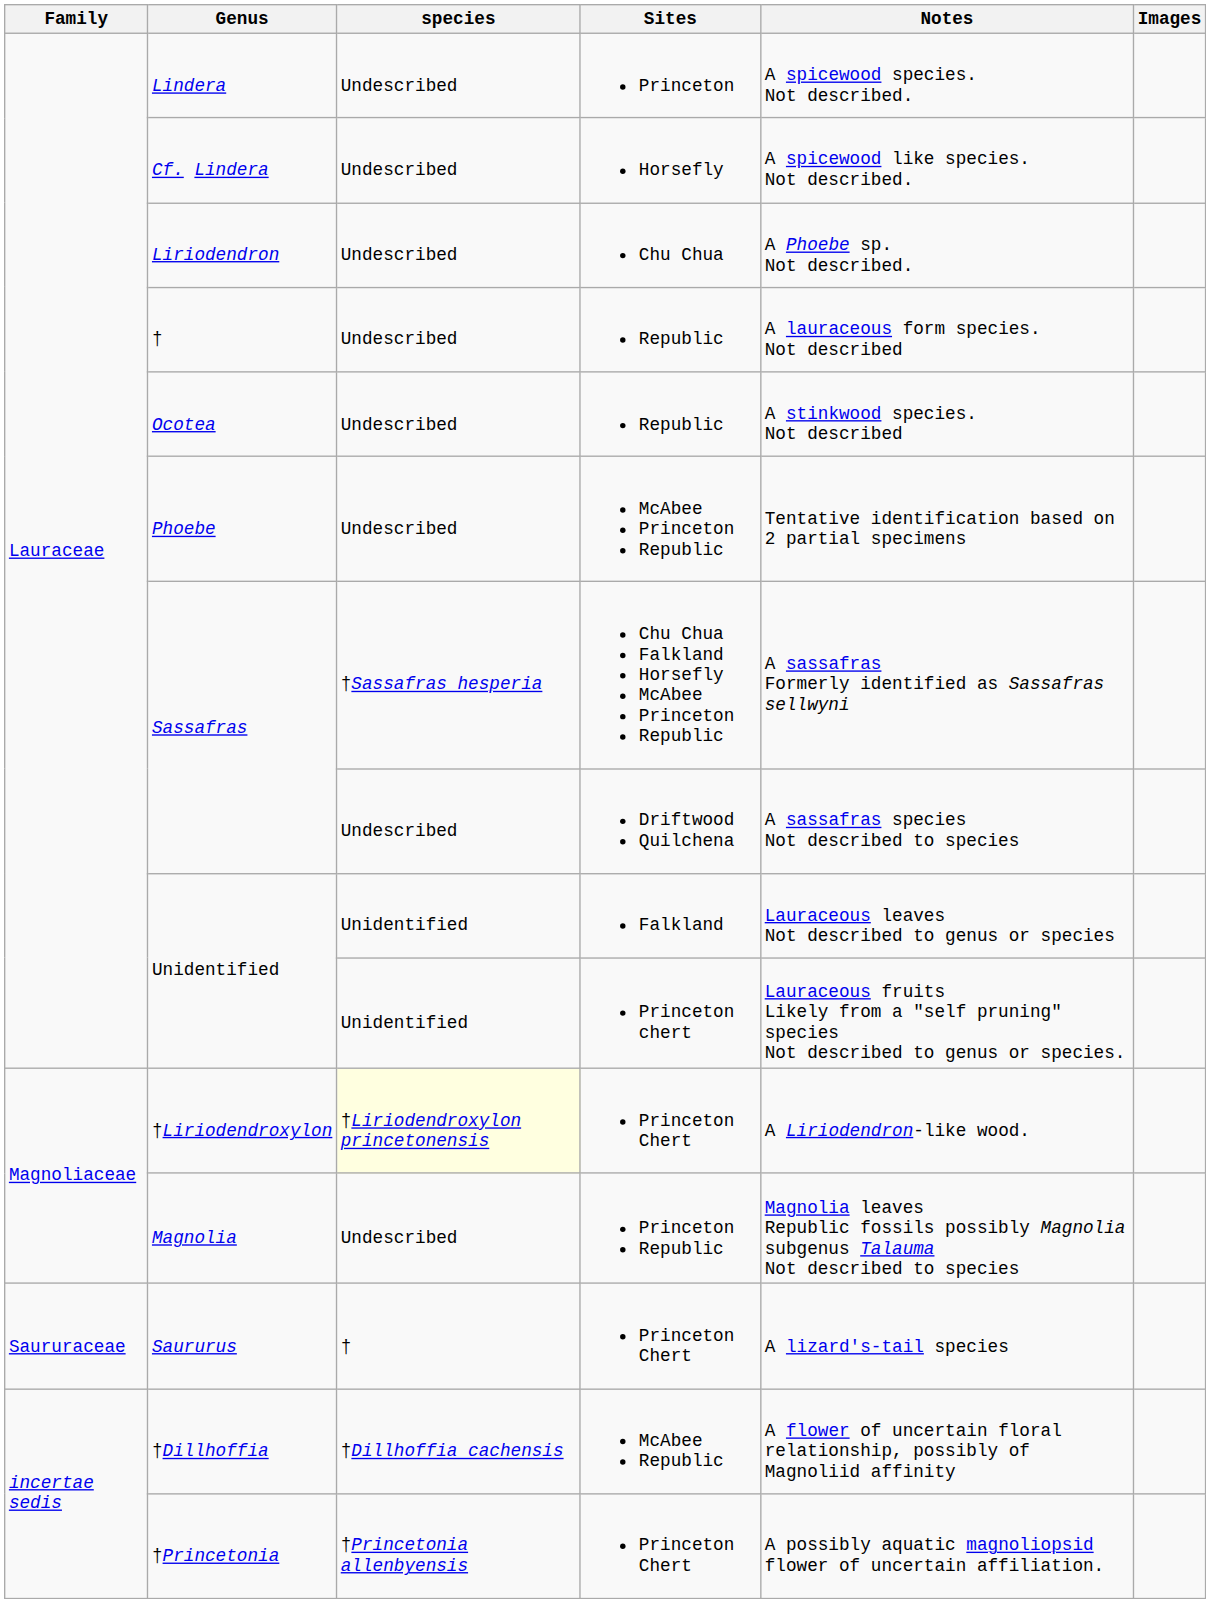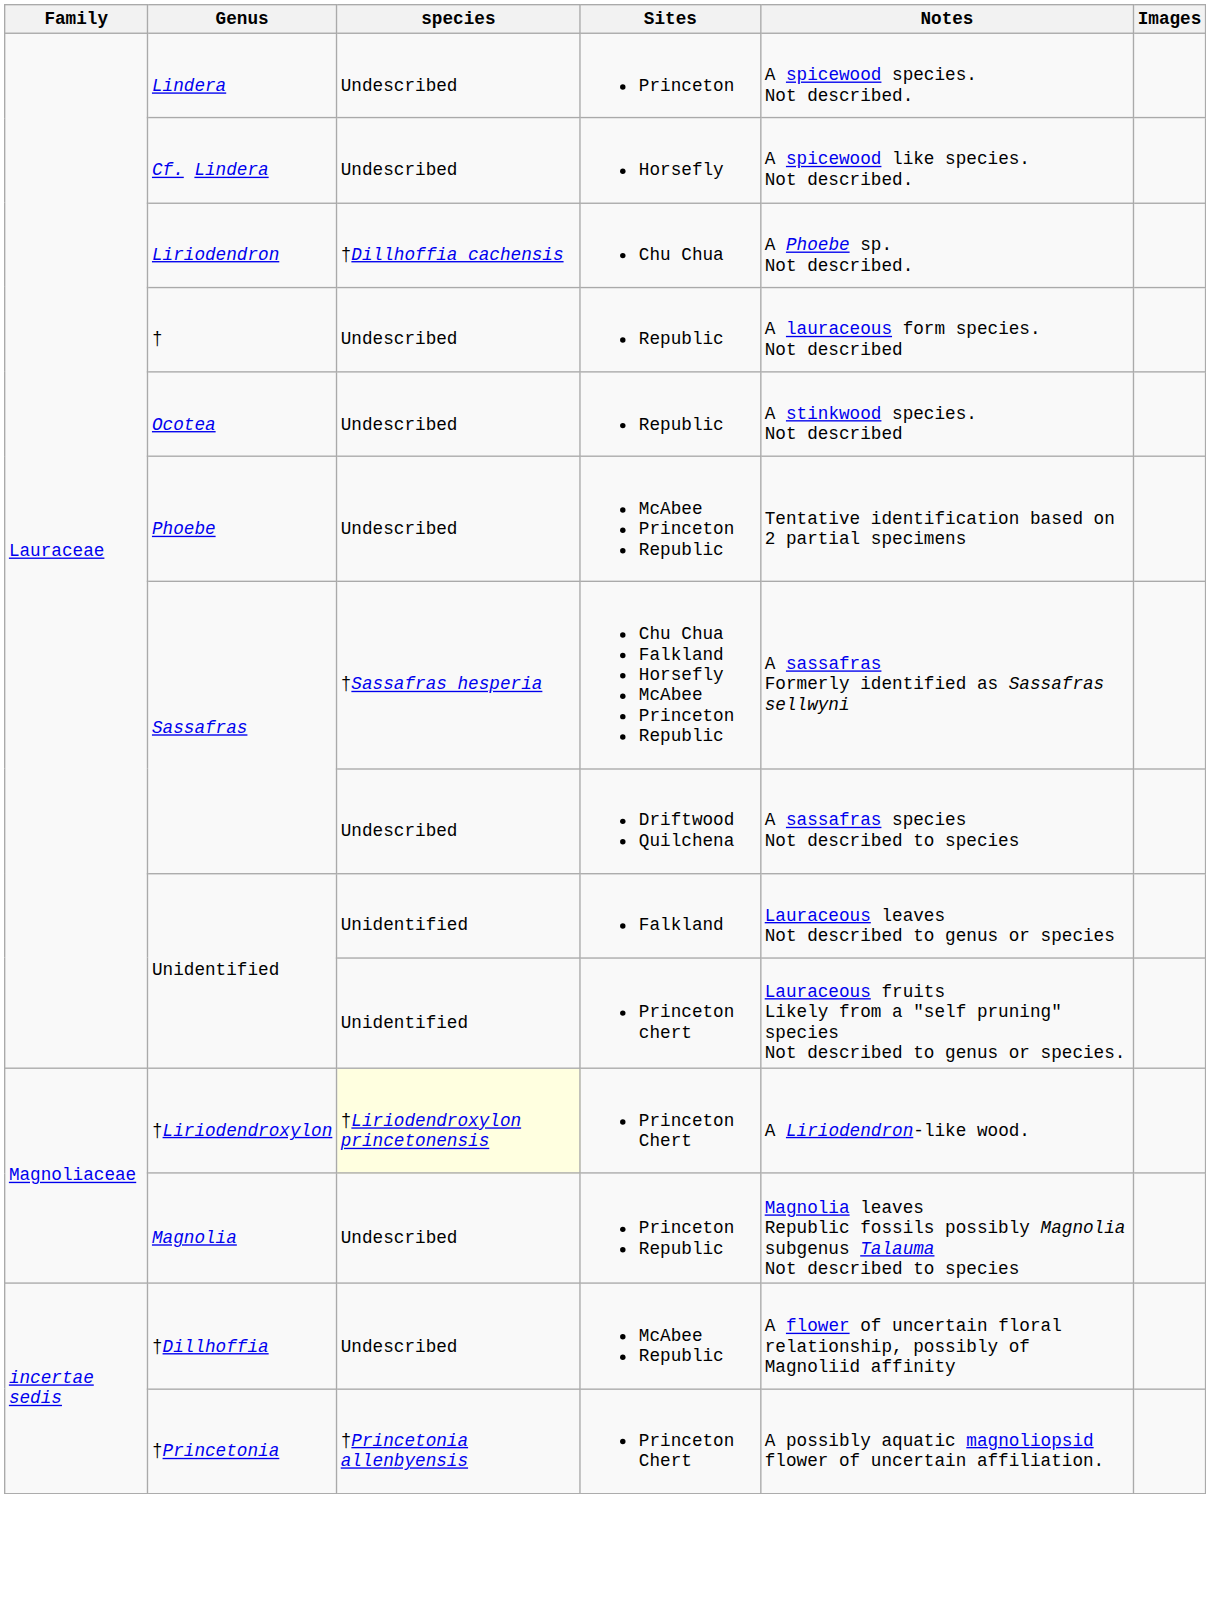 <table class="wikitable sortable"  style="margin:auto; width:100%;">
 <tr>
 <th>Family</th>
 <th>Genus</th>
 <th>species</th>
 <th>Sites</th>
 <th>Notes</th>
 <th>Images</th>
 </tr>
 <tr>
 <td rowspan=10><a href='#'>Lauraceae</a></td>
 <td><br><em><a href='#'>Lindera</a></em></td>
 <td><br>Undescribed</td>
 <td><br><ul><li>Princeton</li></ul></td>
 <td><br>A <a href='#'>spicewood</a> species.<br>Not described.</td>
 <td></td>
 </tr>
 <tr>
 <td><br><em><a href='#'>Cf.</a></em> <em><a href='#'>Lindera</a></em></td>
 <td><br>Undescribed</td>
 <td><br><ul><li>Horsefly</li></ul></td>
 <td><br>A <a href='#'>spicewood</a> like species.<br>Not described.</td>
 <td></td>
 </tr>
 <tr>
 <td><br><em><a href='#'>Liriodendron</a></em></td>
-<td><br>Undescribed</td>
+<td><br>†<em><a href='#'>Dillhoffia cachensis</a></em></td>
 <td><br><ul><li>Chu Chua</li></ul></td>
 <td><br>A <em><a href='#'>Phoebe</a></em> sp.<br> Not described.</td>
 <td></td>
 </tr>
 <tr>
 <td><br>†</td>
 <td><br>Undescribed</td>
 <td><br><ul><li>Republic</li></ul></td>
 <td><br>A <a href='#'>lauraceous</a> form species.<br> Not described</td>
 <td></td>
 </tr>
 <tr>
 <td><br><em><a href='#'>Ocotea</a></em></td>
 <td><br>Undescribed</td>
 <td><br><ul><li>Republic</li></ul></td>
 <td><br>A <a href='#'>stinkwood</a> species.<br> Not described</td>
 <td></td>
 </tr>
 <tr>
 <td><br><em><a href='#'>Phoebe</a></em></td>
 <td><br>Undescribed</td>
 <td><br><ul><li>McAbee</li><li>Princeton</li><li>Republic</li></ul></td>
 <td><br>Tentative identification based on 2 partial specimens</td>
 <td></td>
 </tr>
 <tr>
 <td rowspan=2><em><a href='#'>Sassafras</a></em></td>
 <td><br>†<em><a href='#'>Sassafras hesperia</a></em></td>
 <td><br><ul><li>Chu Chua</li><li>Falkland</li><li>Horsefly</li><li>McAbee</li><li>Princeton</li><li>Republic</li></ul></td>
 <td><br>A <a href='#'>sassafras</a><br>Formerly identified as <em>Sassafras sellwyni</em></td>
 <td><br></td>
 </tr>
 <tr>
 <td><br>Undescribed</td>
 <td><br><ul><li>Driftwood</li><li>Quilchena</li></ul></td>
 <td><br>A <a href='#'>sassafras</a> species<br>Not described to species</td>
 <td></td>
 </tr>
 <tr>
 <td rowspan=2>Unidentified</td>
 <td><br>Unidentified</td>
 <td><br><ul><li>Falkland</li></ul></td>
 <td><br><a href='#'>Lauraceous</a> leaves<br>Not described to genus or species</td>
 <td></td>
 </tr>
 <tr>
 <td><br>Unidentified</td>
 <td><br><ul><li>Princeton chert</li></ul></td>
 <td><br><a href='#'>Lauraceous</a> fruits<br>Likely from a "self pruning" species<br>Not described to genus or species.</td>
 <td></td>
 </tr>
 <tr>
 <td rowspan=2><a href='#'>Magnoliaceae</a></td>
 <td><br>†<em><a href='#'>Liriodendroxylon</a></em></td>
 <td style="background: lightyellow;"><br>†<em><a href='#'>Liriodendroxylon princetonensis</a></em></td>
 <td><br><ul><li>Princeton Chert</li></ul></td>
 <td><br>A <em><a href='#'>Liriodendron</a></em>-like wood.</td>
 <td></td>
 </tr>
 <tr>
 <td><br><em><a href='#'>Magnolia</a></em></td>
 <td><br>Undescribed</td>
 <td><br><ul><li>Princeton</li><li>Republic</li></ul></td>
 <td><br><a href='#'>Magnolia</a> leaves<br> Republic fossils possibly <em>Magnolia</em> subgenus <em><a href='#'>Talauma</a></em><br> Not described to species</td>
 <td><br></td>
 </tr>
 <tr>
-<td><br><a href='#'>Saururaceae</a></td>
-<td><br><em><a href='#'>Saururus</a></em></td>
-<td><br>†</td>
-<td><br><ul><li>Princeton Chert</li></ul></td>
-<td><br>A <a href='#'>lizard's-tail</a> species</td>
-<td></td>
-</tr>
-<tr>
 <td rowspan=2><em><a href='#'>incertae sedis</a></em></td>
 <td><br>†<em><a href='#'>Dillhoffia</a></em></td>
-<td><br>†<em><a href='#'>Dillhoffia cachensis</a></em></td>
+<td><br>Undescribed</td>
 <td><br><ul><li>McAbee</li><li>Republic</li></ul></td>
 <td><br>A <a href='#'>flower</a> of uncertain floral relationship, possibly of Magnoliid affinity</td>
 <td><br></td>
 </tr>
 <tr>
 <td><br>†<em><a href='#'>Princetonia</a></em></td>
 <td><br>†<em><a href='#'>Princetonia allenbyensis</a></em></td>
 <td><br><ul><li>Princeton Chert</li></ul></td>
 <td><br>A possibly aquatic <a href='#'>magnoliopsid</a><br> flower of uncertain affiliation.</td>
 <td></td>
 </tr>
 <tr>
 </tr>
 </table>
